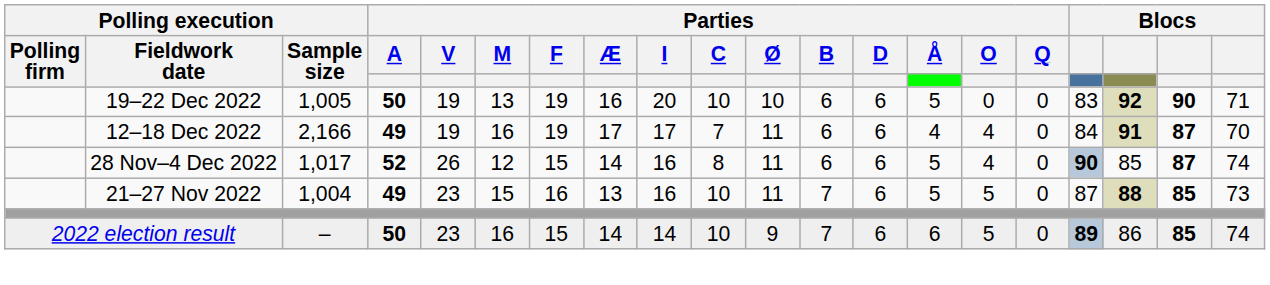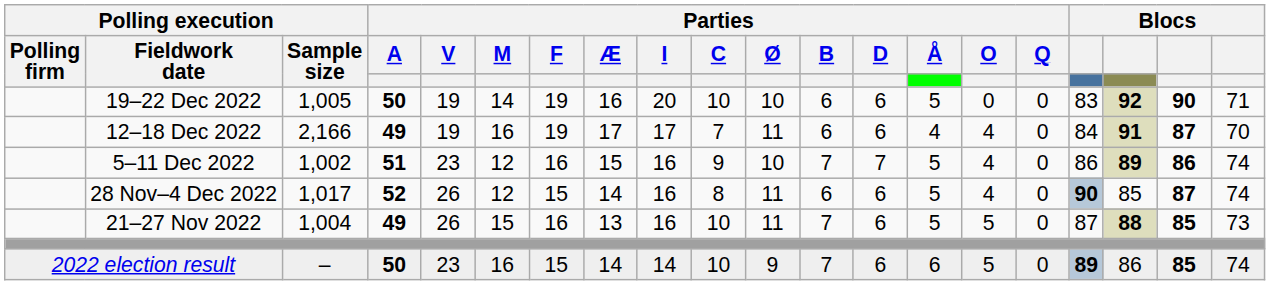 <table class="wikitable sortable mw-datatable" style="text-align:center;font-size:90%;line-height:14px;">
 <tr>
 <th colspan="3"><strong>Polling execution</strong></th>
 <th colspan="13">Parties</th>
 <th colspan="4">Blocs</th>
 </tr>
 <tr>
 <th rowspan="2">Polling<br>firm</th>
 <th rowspan="2">Fieldwork<br>date</th>
 <th rowspan="2">Sample<br>size</th>
 <th class="unsortable" style="width:30px;"><a href='#'>A</a></th>
 <th class="unsortable" style="width:30px;"><a href='#'>V</a></th>
 <th class="unsortable" style="width:30px;"><a href='#'>M</a></th>
 <th class="unsortable" style="width:30px;"><a href='#'>F</a></th>
 <th class="unsortable" style="width:30px;"><a href='#'>Æ</a></th>
 <th class="unsortable" style="width:30px;"><a href='#'>I</a></th>
 <th class="unsortable" style="width:30px;"><a href='#'>C</a></th>
 <th class="unsortable" style="width:30px;"><a href='#'>Ø</a></th>
 <th class="unsortable" style="width:30px;"><a href='#'>B</a></th>
 <th class="unsortable" style="width:30px;"><a href='#'>D</a></th>
 <th class="unsortable" style="width:30px;"><a href='#'>Å</a></th>
 <th class="unsortable" style="width:30px;"><a href='#'>O</a></th>
 <th class="unsortable" style="width:30px;"><a href='#'>Q</a></th>
 <th rowspan="1"></th>
 <th rowspan="1" class="unsortable" style="width:30px;"></th>
 <th class="unsortable" style="width:30px;"></th>
 <th class="unsortable" style="width:30px;"></th>
 </tr>
 <tr>
 <th data-sort-type="number" style="background:"></th>
 <th data-sort-type="number" style="background:"></th>
 <th data-sort-type="number" style="background:"></th>
 <th data-sort-type="number" style="background:"></th>
 <th data-sort-type="number" style="background:"></th>
 <th data-sort-type="number" style="background:"></th>
 <th data-sort-type="number" style="background:"></th>
 <th data-sort-type="number" style="background:"></th>
 <th data-sort-type="number" style="background:"></th>
 <th data-sort-type="number" style="background:"></th>
 <th data-sort-type="number" style="background:#00FF00;"></th>
 <th data-sort-type="number" style="background:"></th>
 <th data-sort-type="number" style="background:"></th>
 <th data-sort-type="number" style="background:#47729E;"></th>
 <th data-sort-type="number" style="background:#8B8B54;"></th>
 <th data-sort-type="number" style="background:"></th>
 <th data-sort-type="number" style="background:"></th>
 </tr>
 <tr>
 <td></td>
 <td>19–22 Dec 2022</td>
 <td>1,005</td>
 <td><strong>50</strong></td>
 <td>19</td>
-<td>13</td>
+<td>14</td>
 <td>19</td>
 <td>16</td>
 <td>20</td>
 <td>10</td>
 <td>10</td>
 <td>6</td>
 <td>6</td>
 <td>5</td>
 <td>0</td>
 <td>0</td>
 <td>83</td>
 <td style="background:#DEDEBD;"><strong>92</strong></td>
 <td><strong>90</strong></td>
 <td>71</td>
 </tr>
 <tr>
 <td></td>
 <td>12–18 Dec 2022</td>
 <td>2,166</td>
 <td><strong>49</strong></td>
 <td>19</td>
 <td>16</td>
 <td>19</td>
 <td>17</td>
 <td>17</td>
 <td>7</td>
 <td>11</td>
 <td>6</td>
 <td>6</td>
 <td>4</td>
 <td>4</td>
 <td>0</td>
 <td>84</td>
 <td style="background:#DEDEBD;"><strong>91</strong></td>
 <td><strong>87</strong></td>
 <td>70</td>
 </tr>
 <tr>
 <td></td>
+<td>5–11 Dec 2022</td>
+<td>1,002</td>
+<td><strong>51</strong></td>
+<td>23</td>
+<td>12</td>
+<td>16</td>
+<td>15</td>
+<td>16</td>
+<td>9</td>
+<td>10</td>
+<td>7</td>
+<td>7</td>
+<td>5</td>
+<td>4</td>
+<td>0</td>
+<td>86</td>
+<td style="background:#DEDEBD;"><strong>89</strong></td>
+<td><strong>86</strong></td>
+<td>74</td>
+</tr>
+<tr>
+<td></td>
 <td>28 Nov–4 Dec 2022</td>
 <td>1,017</td>
 <td><strong>52</strong></td>
 <td>26</td>
 <td>12</td>
 <td>15</td>
 <td>14</td>
 <td>16</td>
 <td>8</td>
 <td>11</td>
 <td>6</td>
 <td>6</td>
 <td>5</td>
 <td>4</td>
 <td>0</td>
 <td style="background:#B6C8D9;"><strong>90</strong></td>
 <td>85</td>
 <td><strong>87</strong></td>
 <td>74</td>
 </tr>
 <tr>
 <td></td>
 <td>21–27 Nov 2022</td>
 <td>1,004</td>
 <td><strong>49</strong></td>
-<td>23</td>
+<td>26</td>
 <td>15</td>
 <td>16</td>
 <td>13</td>
 <td>16</td>
 <td>10</td>
 <td>11</td>
 <td>7</td>
 <td>6</td>
 <td>5</td>
 <td>5</td>
 <td>0</td>
 <td>87</td>
 <td style="background:#DEDEBD;"><strong>88</strong></td>
 <td><strong>85</strong></td>
 <td>73</td>
 </tr>
 <tr>
 <td colspan="20" style="background:#A0A0A0"></td>
 </tr>
 <tr style="background:#EFEFEF;">
 <td colspan="2"><em><a href='#'>2022 election result</a></em></td>
 <td>–</td>
 <td><strong>50</strong></td>
 <td>23</td>
 <td>16</td>
 <td>15</td>
 <td>14</td>
 <td>14</td>
 <td>10</td>
 <td>9</td>
 <td>7</td>
 <td>6</td>
 <td>6</td>
 <td>5</td>
 <td>0</td>
 <td style="background:#B6C8D9;"><strong>89</strong></td>
 <td>86</td>
 <td><strong>85</strong></td>
 <td>74</td>
 </tr>
 </table>
